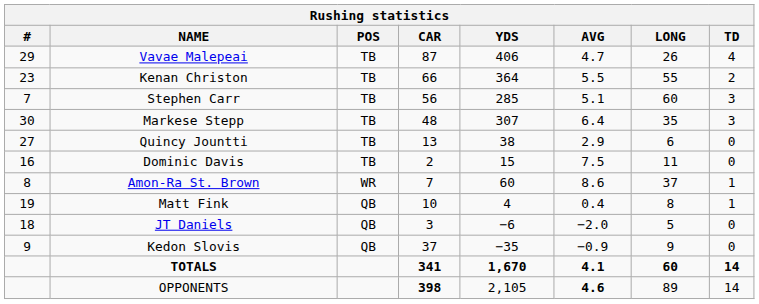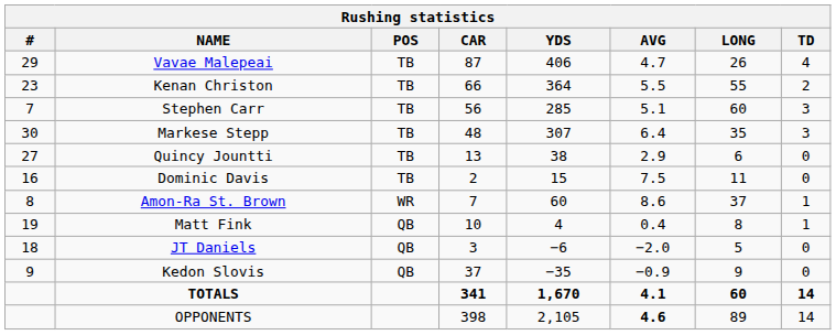 <table style="width:60%; text-align:center;" class="wikitable collapsible collapsed">
 <tr>
 <th colspan="8">Rushing statistics</th>
 </tr>
 <tr>
 <th>#</th>
 <th>NAME</th>
 <th>POS</th>
 <th>CAR</th>
 <th>YDS</th>
 <th>AVG</th>
 <th>LONG</th>
 <th>TD</th>
 </tr>
 <tr>
 <td>29</td>
 <td><a href='#'>Vavae Malepeai</a></td>
 <td>TB</td>
 <td>87</td>
 <td>406</td>
 <td>4.7</td>
 <td>26</td>
 <td>4</td>
 </tr>
 <tr>
 <td>23</td>
 <td>Kenan Christon</td>
 <td>TB</td>
 <td>66</td>
 <td>364</td>
 <td>5.5</td>
 <td>55</td>
 <td>2</td>
 </tr>
 <tr>
 <td>7</td>
 <td>Stephen Carr</td>
 <td>TB</td>
 <td>56</td>
 <td>285</td>
 <td>5.1</td>
 <td>60</td>
 <td>3</td>
 </tr>
 <tr>
 <td>30</td>
 <td>Markese Stepp</td>
 <td>TB</td>
 <td>48</td>
 <td>307</td>
 <td>6.4</td>
 <td>35</td>
 <td>3</td>
 </tr>
 <tr>
 <td>27</td>
 <td>Quincy Jountti</td>
 <td>TB</td>
 <td>13</td>
 <td>38</td>
 <td>2.9</td>
 <td>6</td>
 <td>0</td>
 </tr>
 <tr>
 <td>16</td>
 <td>Dominic Davis</td>
 <td>TB</td>
 <td>2</td>
 <td>15</td>
 <td>7.5</td>
 <td>11</td>
 <td>0</td>
 </tr>
 <tr>
 <td>8</td>
 <td><a href='#'>Amon-Ra St. Brown</a></td>
 <td>WR</td>
 <td>7</td>
 <td>60</td>
 <td>8.6</td>
 <td>37</td>
 <td>1</td>
 </tr>
 <tr>
 <td>19</td>
 <td>Matt Fink</td>
 <td>QB</td>
 <td>10</td>
 <td>4</td>
 <td>0.4</td>
 <td>8</td>
 <td>1</td>
 </tr>
 <tr>
 <td>18</td>
 <td><a href='#'>JT Daniels</a></td>
 <td>QB</td>
 <td>3</td>
 <td>−6</td>
 <td>−2.0</td>
 <td>5</td>
 <td>0</td>
 </tr>
 <tr>
 <td>9</td>
 <td>Kedon Slovis</td>
 <td>QB</td>
 <td>37</td>
 <td>−35</td>
 <td>−0.9</td>
 <td>9</td>
 <td>0</td>
 </tr>
 <tr>
 <td></td>
 <td><strong>TOTALS</strong></td>
 <td></td>
 <td><strong>341</strong></td>
 <td><strong>1,670</strong></td>
 <td><strong>4.1</strong></td>
 <td><strong>60</strong></td>
 <td><strong>14</strong></td>
 </tr>
 <tr>
 <td></td>
 <td>OPPONENTS</td>
 <td></td>
-<td><strong>398</strong></td>
+<td>398</td>
 <td>2,105</td>
 <td><strong>4.6</strong></td>
 <td>89</td>
 <td>14</td>
 </tr>
 </table>
